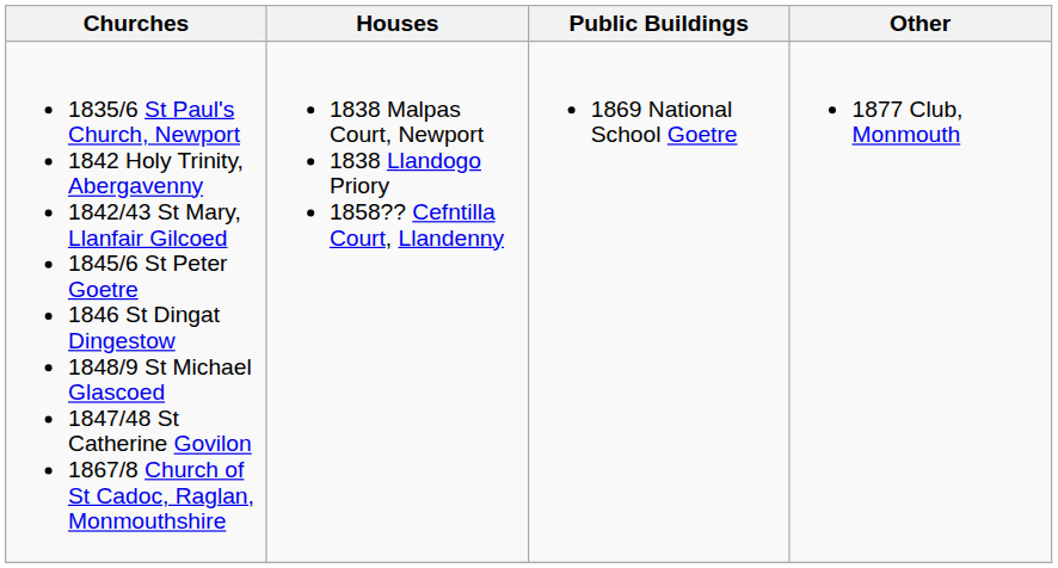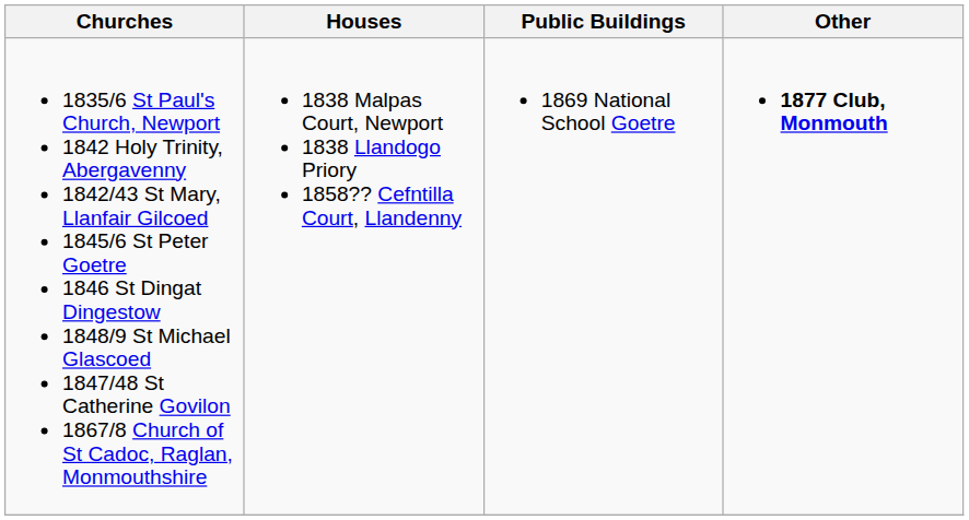 <table class="wikitable">
 <tr>
 <th width="175">Churches</th>
 <th width="175">Houses</th>
 <th width="175">Public Buildings</th>
 <th width="175">Other</th>
 </tr>
 <tr valign="top">
 <td><br><ul><li>1835/6 <a href='#'>St Paul's Church, Newport</a></li><li>1842 Holy Trinity, <a href='#'>Abergavenny</a></li><li>1842/43 St Mary, <a href='#'>Llanfair Gilcoed</a></li><li>1845/6 St Peter <a href='#'>Goetre</a></li><li>1846 St Dingat <a href='#'>Dingestow</a></li><li>1848/9 St Michael <a href='#'>Glascoed</a></li><li>1847/48 St Catherine <a href='#'>Govilon</a></li><li>1867/8 <a href='#'>Church of St Cadoc, Raglan, Monmouthshire</a></li></ul></td>
 <td><br><ul><li>1838 Malpas Court, Newport</li><li>1838 <a href='#'>Llandogo</a> Priory</li><li>1858?? <a href='#'>Cefntilla Court</a>, <a href='#'>Llandenny</a></li></ul></td>
 <td><br><ul><li>1869 National School <a href='#'>Goetre</a></li></ul></td>
-<td><br><ul><li>1877 Club, <a href='#'>Monmouth</a></li></ul></td>
+<td><strong><br><ul><li>1877 Club, <a href='#'>Monmouth</a></li></ul></strong></td>
 </tr>
 <tr>
 </tr>
 </table>
